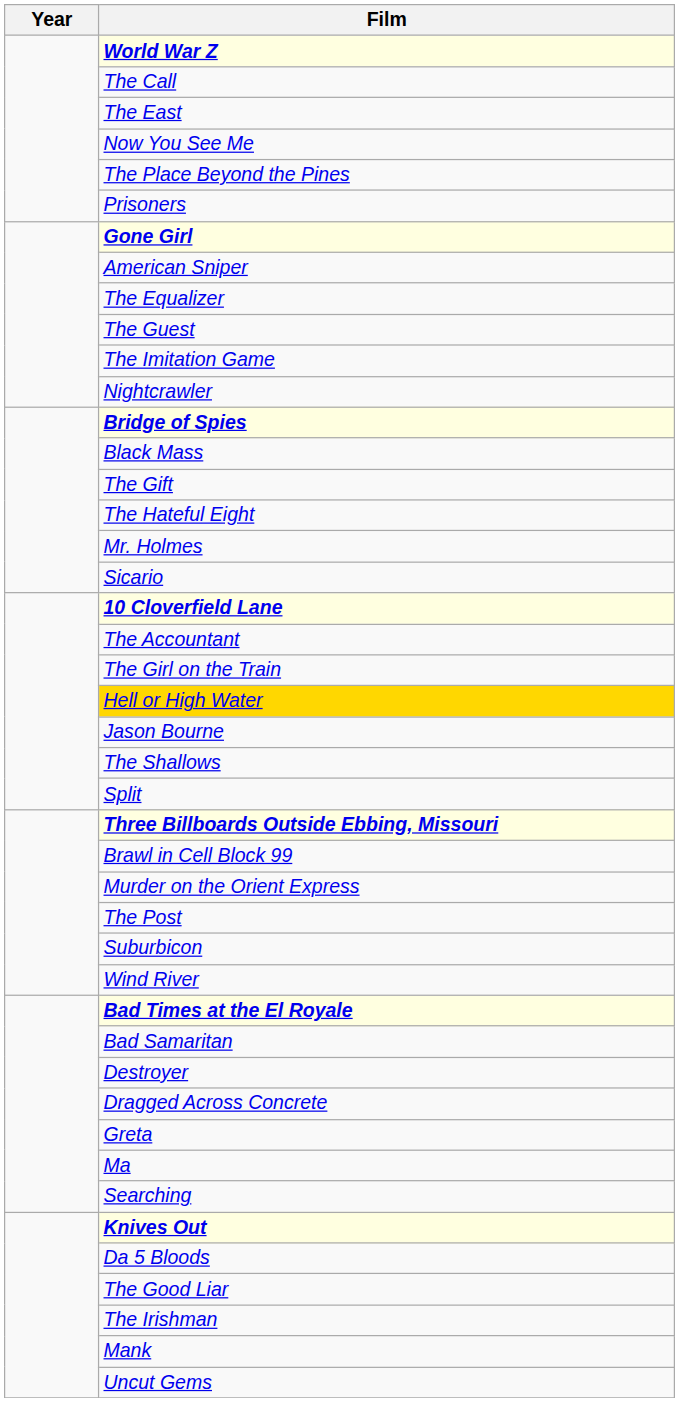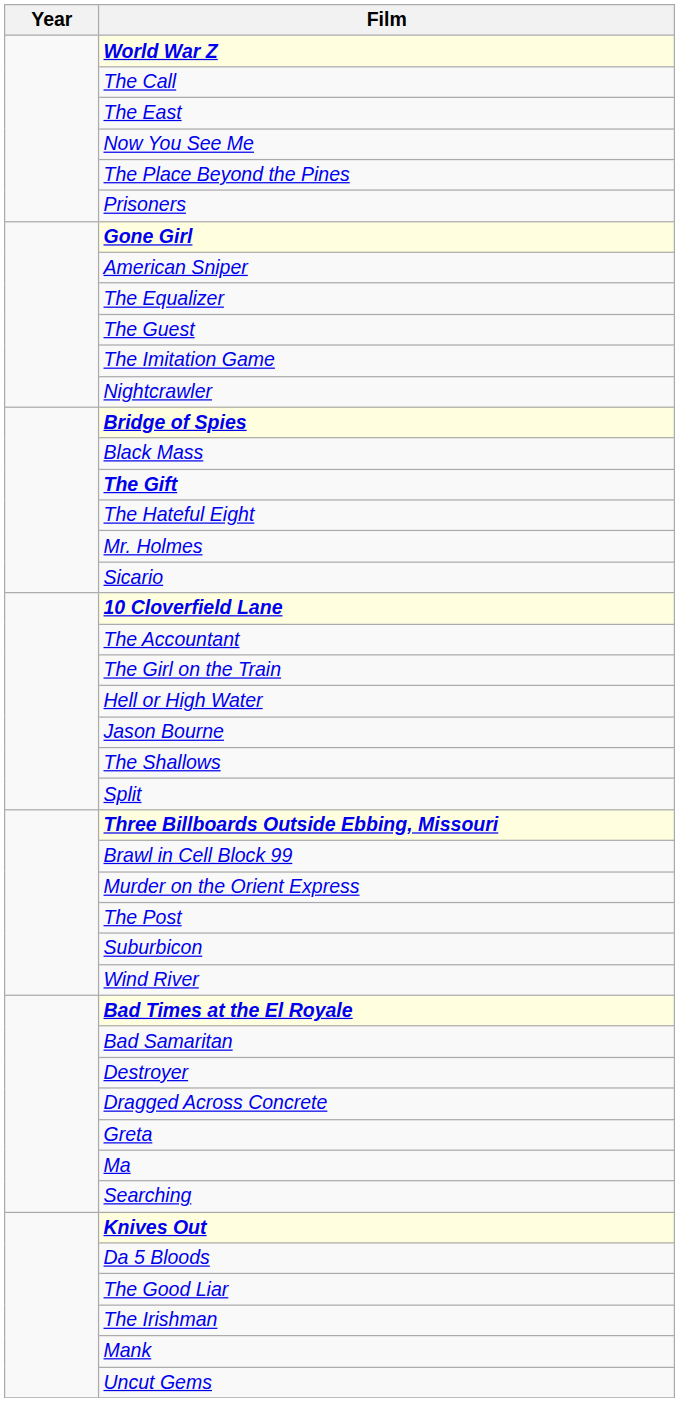 <table class="wikitable" width="550px" border="1" cellpadding="5" cellspacing="0" align="centre">
 <tr>
 <th width="70px">Year</th>
 <th>Film</th>
 </tr>
 <tr>
 <td rowspan=6></td>
 <td style="background:lightyellow"><strong><em><a href='#'>World War Z</a></em></strong></td>
 </tr>
 <tr>
 <td><em><a href='#'>The Call</a></em></td>
 </tr>
 <tr>
 <td><em><a href='#'>The East</a></em></td>
 </tr>
 <tr>
 <td><em><a href='#'>Now You See Me</a></em></td>
 </tr>
 <tr>
 <td><em><a href='#'>The Place Beyond the Pines</a></em></td>
 </tr>
 <tr>
 <td><em><a href='#'>Prisoners</a></em></td>
 </tr>
 <tr>
 <td rowspan=6></td>
 <td style="background:lightyellow"><strong><em><a href='#'>Gone Girl</a></em></strong></td>
 </tr>
 <tr>
 <td><em><a href='#'>American Sniper</a></em></td>
 </tr>
 <tr>
 <td><em><a href='#'>The Equalizer</a></em></td>
 </tr>
 <tr>
 <td><em><a href='#'>The Guest</a></em></td>
 </tr>
 <tr>
 <td><em><a href='#'>The Imitation Game</a></em></td>
 </tr>
 <tr>
 <td><em><a href='#'>Nightcrawler</a></em></td>
 </tr>
 <tr>
 <td rowspan=6></td>
 <td style="background:lightyellow"><strong><em><a href='#'>Bridge of Spies</a></em></strong></td>
 </tr>
 <tr>
 <td><em><a href='#'>Black Mass</a></em></td>
 </tr>
 <tr>
-<td><em><a href='#'>The Gift</a></em></td>
+<td><strong><em><a href='#'>The Gift</a></em></strong></td>
 </tr>
 <tr>
 <td><em><a href='#'>The Hateful Eight</a></em></td>
 </tr>
 <tr>
 <td><em><a href='#'>Mr. Holmes</a></em></td>
 </tr>
 <tr>
 <td><em><a href='#'>Sicario</a></em></td>
 </tr>
 <tr>
 <td rowspan=7></td>
 <td style="background:lightyellow"><strong><em><a href='#'>10 Cloverfield Lane</a></em></strong></td>
 </tr>
 <tr>
 <td><em><a href='#'>The Accountant</a></em></td>
 </tr>
 <tr>
 <td><em><a href='#'>The Girl on the Train</a></em></td>
 </tr>
 <tr>
-<td style="background: gold;"><em><a href='#'>Hell or High Water</a></em></td>
+<td><em><a href='#'>Hell or High Water</a></em></td>
 </tr>
 <tr>
 <td><em><a href='#'>Jason Bourne</a></em></td>
 </tr>
 <tr>
 <td><em><a href='#'>The Shallows</a></em></td>
 </tr>
 <tr>
 <td><em><a href='#'>Split</a></em></td>
 </tr>
 <tr>
 <td rowspan=6></td>
 <td style="background:lightyellow"><strong><em><a href='#'>Three Billboards Outside Ebbing, Missouri</a></em></strong></td>
 </tr>
 <tr>
 <td><em><a href='#'>Brawl in Cell Block 99</a></em></td>
 </tr>
 <tr>
 <td><em><a href='#'>Murder on the Orient Express</a></em></td>
 </tr>
 <tr>
 <td><em><a href='#'>The Post</a></em></td>
 </tr>
 <tr>
 <td><em><a href='#'>Suburbicon</a></em></td>
 </tr>
 <tr>
 <td><em><a href='#'>Wind River</a></em></td>
 </tr>
 <tr>
 <td rowspan="7"></td>
 <td style="background:lightyellow"><strong><em><a href='#'>Bad Times at the El Royale</a></em></strong></td>
 </tr>
 <tr>
 <td><em><a href='#'>Bad Samaritan</a></em></td>
 </tr>
 <tr>
 <td><em><a href='#'>Destroyer</a></em></td>
 </tr>
 <tr>
 <td><em><a href='#'>Dragged Across Concrete</a></em></td>
 </tr>
 <tr>
 <td><em><a href='#'>Greta</a></em></td>
 </tr>
 <tr>
 <td><em><a href='#'>Ma</a></em></td>
 </tr>
 <tr>
 <td><em><a href='#'>Searching</a></em></td>
 </tr>
 <tr>
 <td rowspan="7"></td>
 <td style="background:lightyellow"><strong><em><a href='#'>Knives Out</a></em></strong></td>
 </tr>
 <tr>
 <td><em><a href='#'>Da 5 Bloods</a></em></td>
 </tr>
 <tr>
 <td><em><a href='#'>The Good Liar</a></em></td>
 </tr>
 <tr>
 <td><em><a href='#'>The Irishman</a></em></td>
 </tr>
 <tr>
 <td><em><a href='#'>Mank</a></em></td>
 </tr>
 <tr>
 <td><em><a href='#'>Uncut Gems</a></em></td>
 </tr>
 </table>
